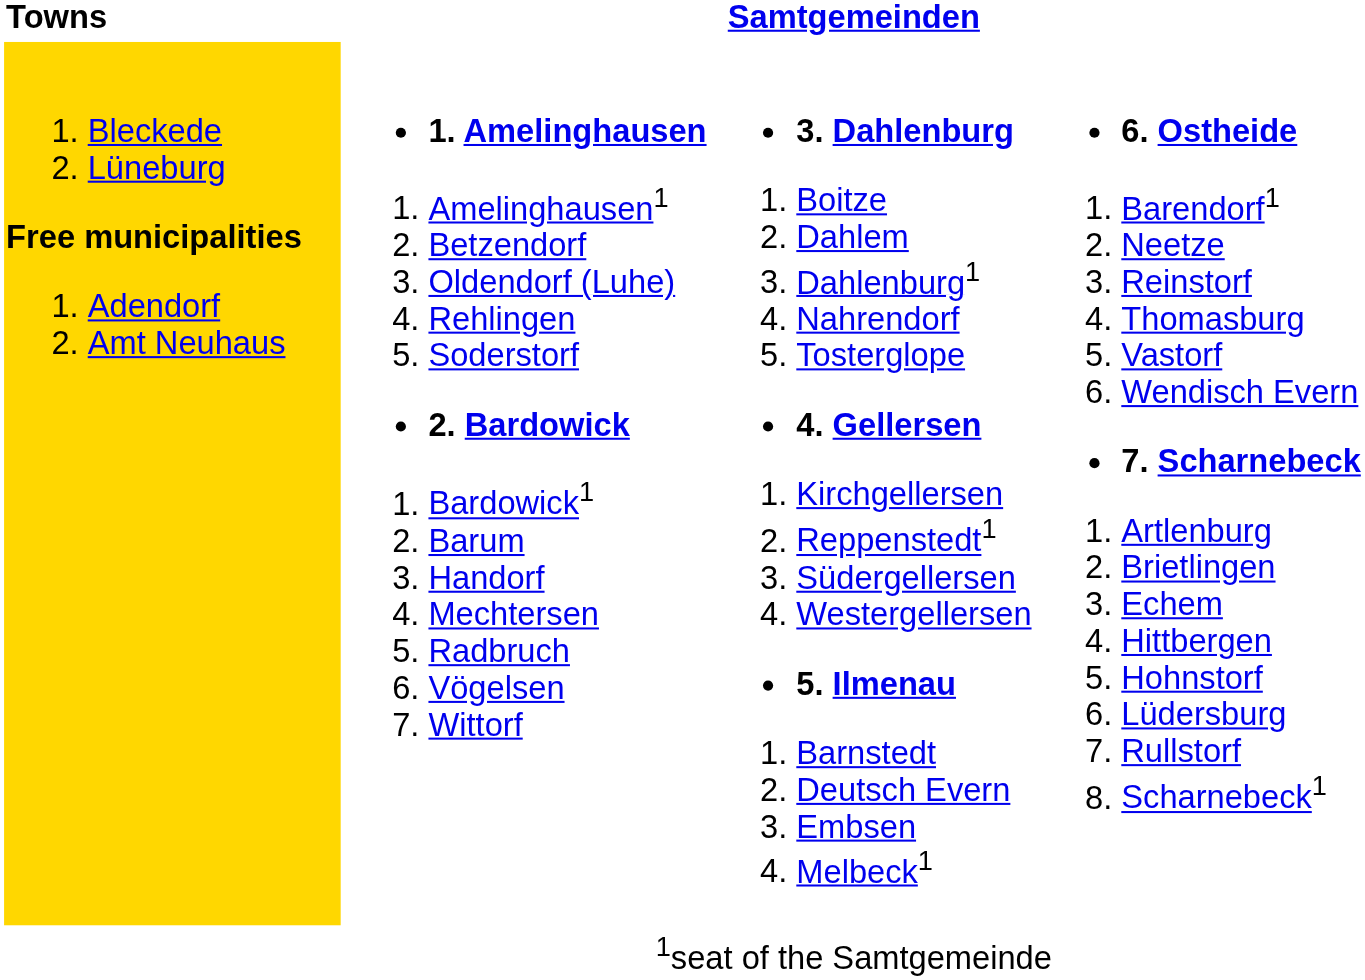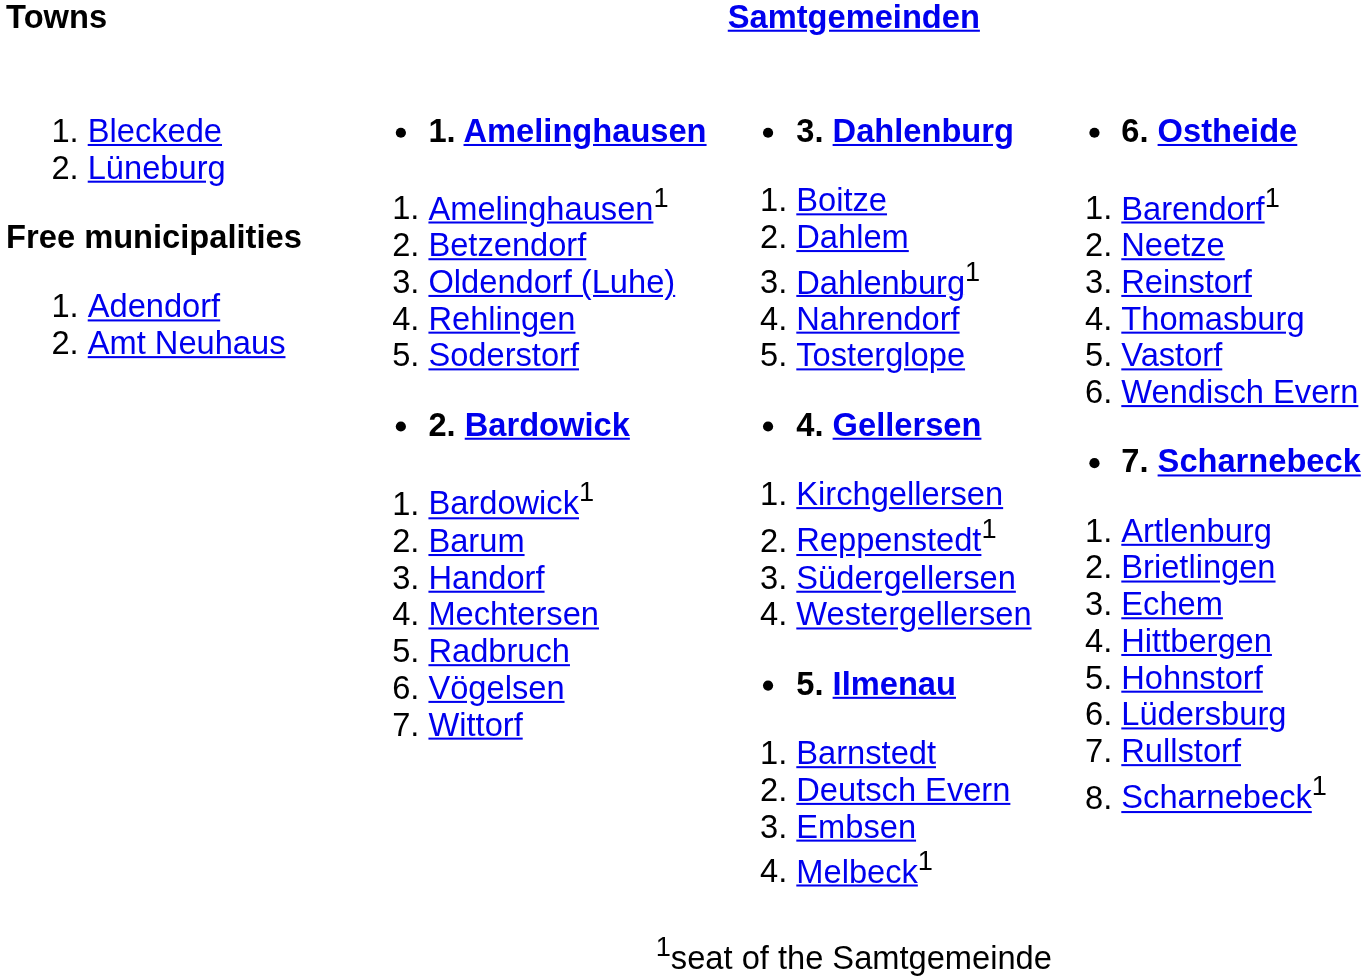 <table>
 <tr>
 <th align=left width=25%>Towns</th>
 <th colspan=3 align=center width=75%><a href='#'>Samtgemeinden</a></th>
 </tr>
 <tr valign="top">
-<td style="background: gold;"><br><ol><li><a href='#'>Bleckede</a></li><li><a href='#'>Lüneburg</a></li></ol><strong>Free municipalities</strong><ol><li><a href='#'>Adendorf</a></li><li><a href='#'>Amt Neuhaus</a></li></ol></td>
+<td><br><ol><li><a href='#'>Bleckede</a></li><li><a href='#'>Lüneburg</a></li></ol><strong>Free municipalities</strong><ol><li><a href='#'>Adendorf</a></li><li><a href='#'>Amt Neuhaus</a></li></ol></td>
 <td><br><ul><li><strong>1. <a href='#'>Amelinghausen</a></strong></li></ul><ol><li><a href='#'>Amelinghausen</a><sup>1</sup></li><li><a href='#'>Betzendorf</a></li><li><a href='#'>Oldendorf (Luhe)</a></li><li><a href='#'>Rehlingen</a></li><li><a href='#'>Soderstorf</a></li></ol><ul><li><strong>2. <a href='#'>Bardowick</a></strong></li></ul><ol><li><a href='#'>Bardowick</a><sup>1</sup></li><li><a href='#'>Barum</a></li><li><a href='#'>Handorf</a></li><li><a href='#'>Mechtersen</a></li><li><a href='#'>Radbruch</a></li><li><a href='#'>Vögelsen</a></li><li><a href='#'>Wittorf</a></li></ol></td>
 <td><br><ul><li><strong>3. <a href='#'>Dahlenburg</a></strong></li></ul><ol><li><a href='#'>Boitze</a></li><li><a href='#'>Dahlem</a></li><li><a href='#'>Dahlenburg</a><sup>1</sup></li><li><a href='#'>Nahrendorf</a></li><li><a href='#'>Tosterglope</a></li></ol><ul><li><strong>4. <a href='#'>Gellersen</a></strong></li></ul><ol><li><a href='#'>Kirchgellersen</a></li><li><a href='#'>Reppenstedt</a><sup>1</sup></li><li><a href='#'>Südergellersen</a></li><li><a href='#'>Westergellersen</a></li></ol><ul><li><strong>5. <a href='#'>Ilmenau</a></strong></li></ul><ol><li><a href='#'>Barnstedt</a></li><li><a href='#'>Deutsch Evern</a></li><li><a href='#'>Embsen</a></li><li><a href='#'>Melbeck</a><sup>1</sup></li></ol></td>
 <td><br><ul><li><strong>6. <a href='#'>Ostheide</a></strong></li></ul><ol><li><a href='#'>Barendorf</a><sup>1</sup></li><li><a href='#'>Neetze</a></li><li><a href='#'>Reinstorf</a></li><li><a href='#'>Thomasburg</a></li><li><a href='#'>Vastorf</a></li><li><a href='#'>Wendisch Evern</a></li></ol><ul><li><strong>7. <a href='#'>Scharnebeck</a></strong></li></ul><ol><li><a href='#'>Artlenburg</a></li><li><a href='#'>Brietlingen</a></li><li><a href='#'>Echem</a></li><li><a href='#'>Hittbergen</a></li><li><a href='#'>Hohnstorf</a></li><li><a href='#'>Lüdersburg</a></li><li><a href='#'>Rullstorf</a></li><li><a href='#'>Scharnebeck</a><sup>1</sup></li></ol></td>
 </tr>
 <tr>
 <td></td>
 <td colspan=3 align=center><sup>1</sup>seat of the Samtgemeinde</td>
 </tr>
 </table>
